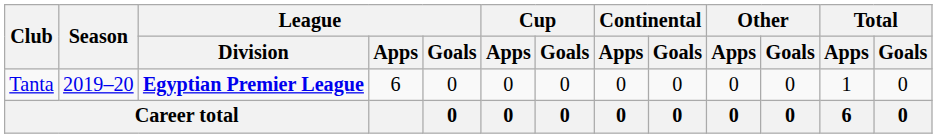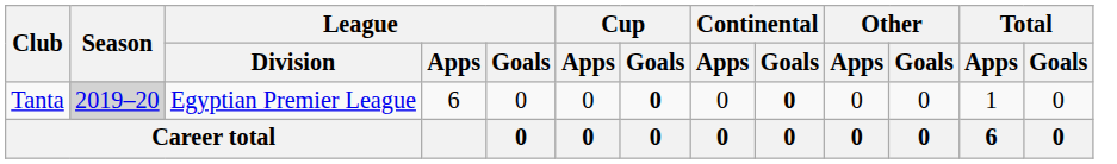 <table class="wikitable" style="text-align: center">
 <tr>
 <th rowspan="2">Club</th>
 <th rowspan="2">Season</th>
 <th colspan="3">League</th>
 <th colspan="2">Cup</th>
 <th colspan="2">Continental</th>
 <th colspan="2">Other</th>
 <th colspan="2">Total</th>
 </tr>
 <tr>
 <th>Division</th>
 <th>Apps</th>
 <th>Goals</th>
 <th>Apps</th>
 <th>Goals</th>
 <th>Apps</th>
 <th>Goals</th>
 <th>Apps</th>
 <th>Goals</th>
 <th>Apps</th>
 <th>Goals</th>
 </tr>
 <tr>
 <td><a href='#'>Tanta</a></td>
-<td><a href='#'>2019–20</a></td>
-<td><strong><a href='#'>Egyptian Premier League</a></strong></td>
+<td style="background: lightgrey;"><a href='#'>2019–20</a></td>
+<td><a href='#'>Egyptian Premier League</a></td>
 <td>6</td>
 <td>0</td>
 <td>0</td>
+<td><strong>0</strong></td>
 <td>0</td>
-<td>0</td>
-<td>0</td>
+<td><strong>0</strong></td>
 <td>0</td>
 <td>0</td>
 <td>1</td>
 <td>0</td>
 </tr>
 <tr>
 <th colspan=3>Career total</th>
 <th></th>
 <th>0</th>
 <th>0</th>
 <th>0</th>
 <th>0</th>
 <th>0</th>
 <th>0</th>
 <th>0</th>
 <th>6</th>
 <th>0</th>
 </tr>
 </table>
